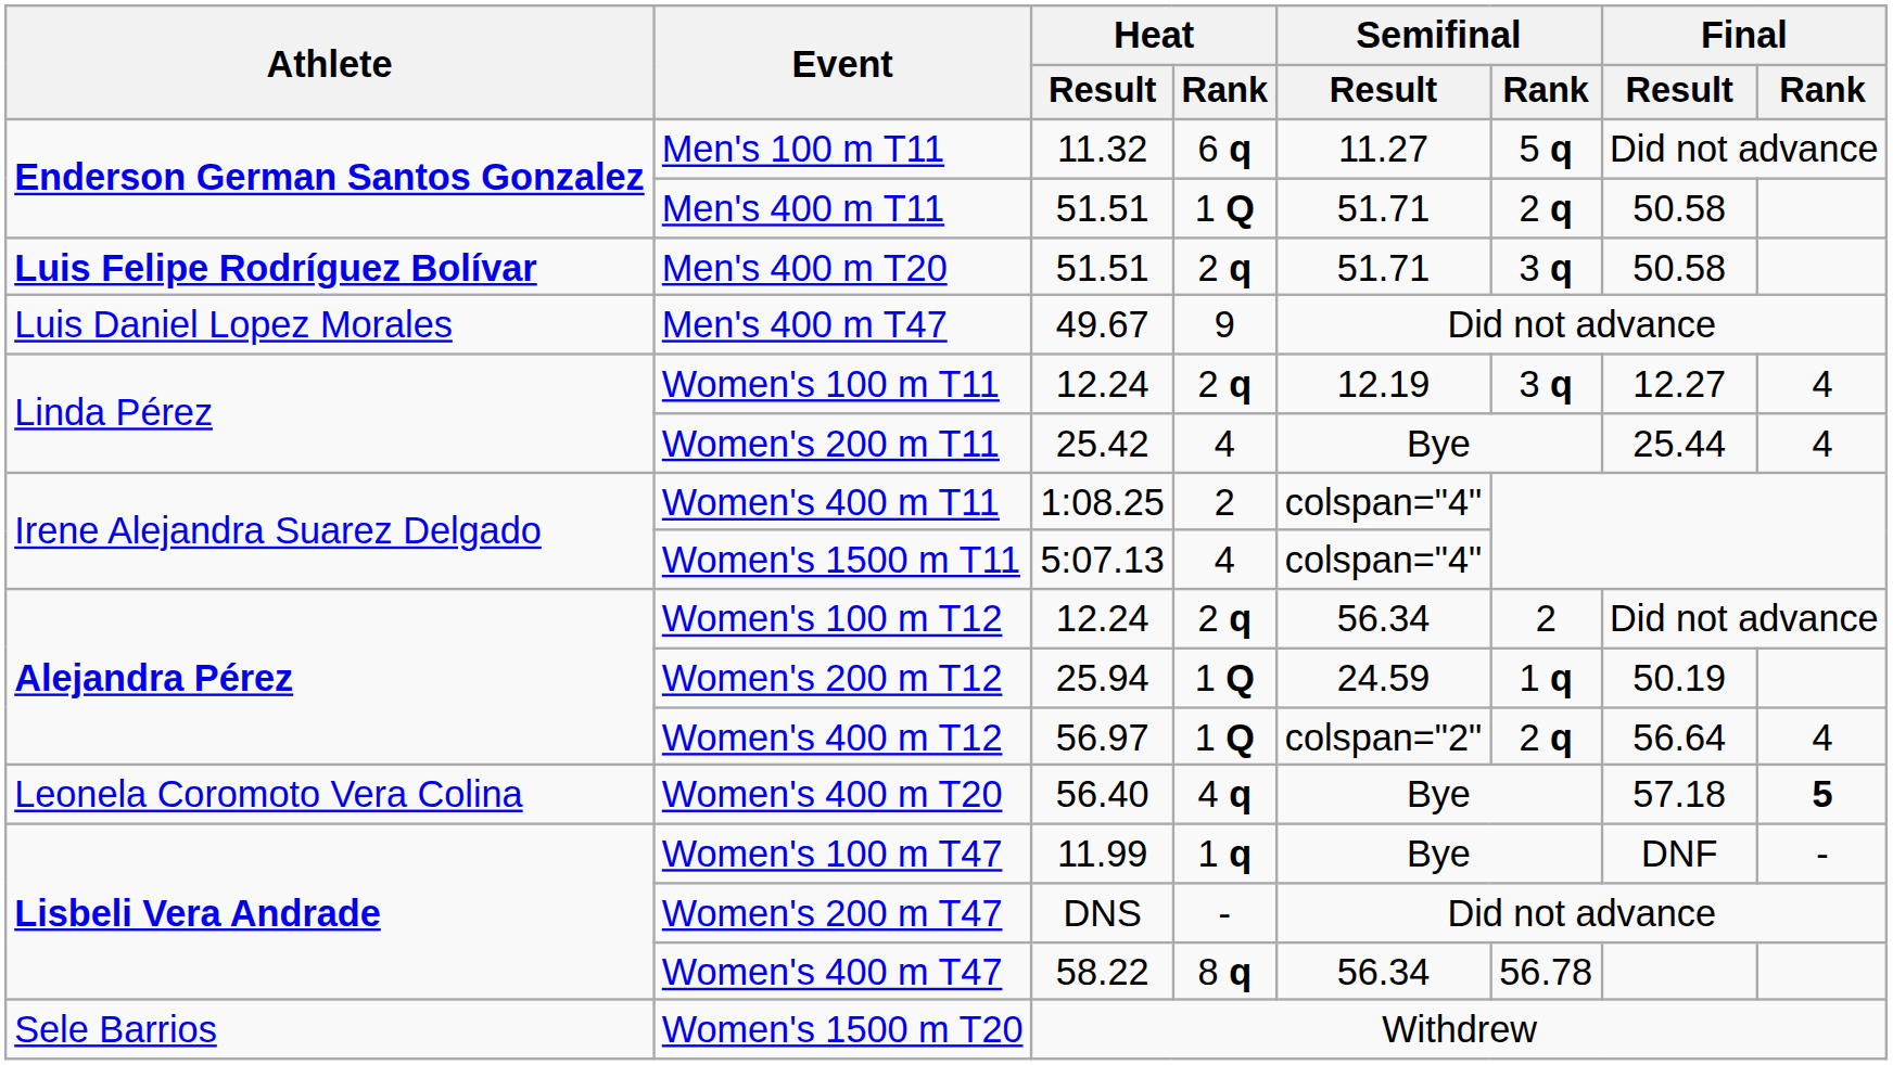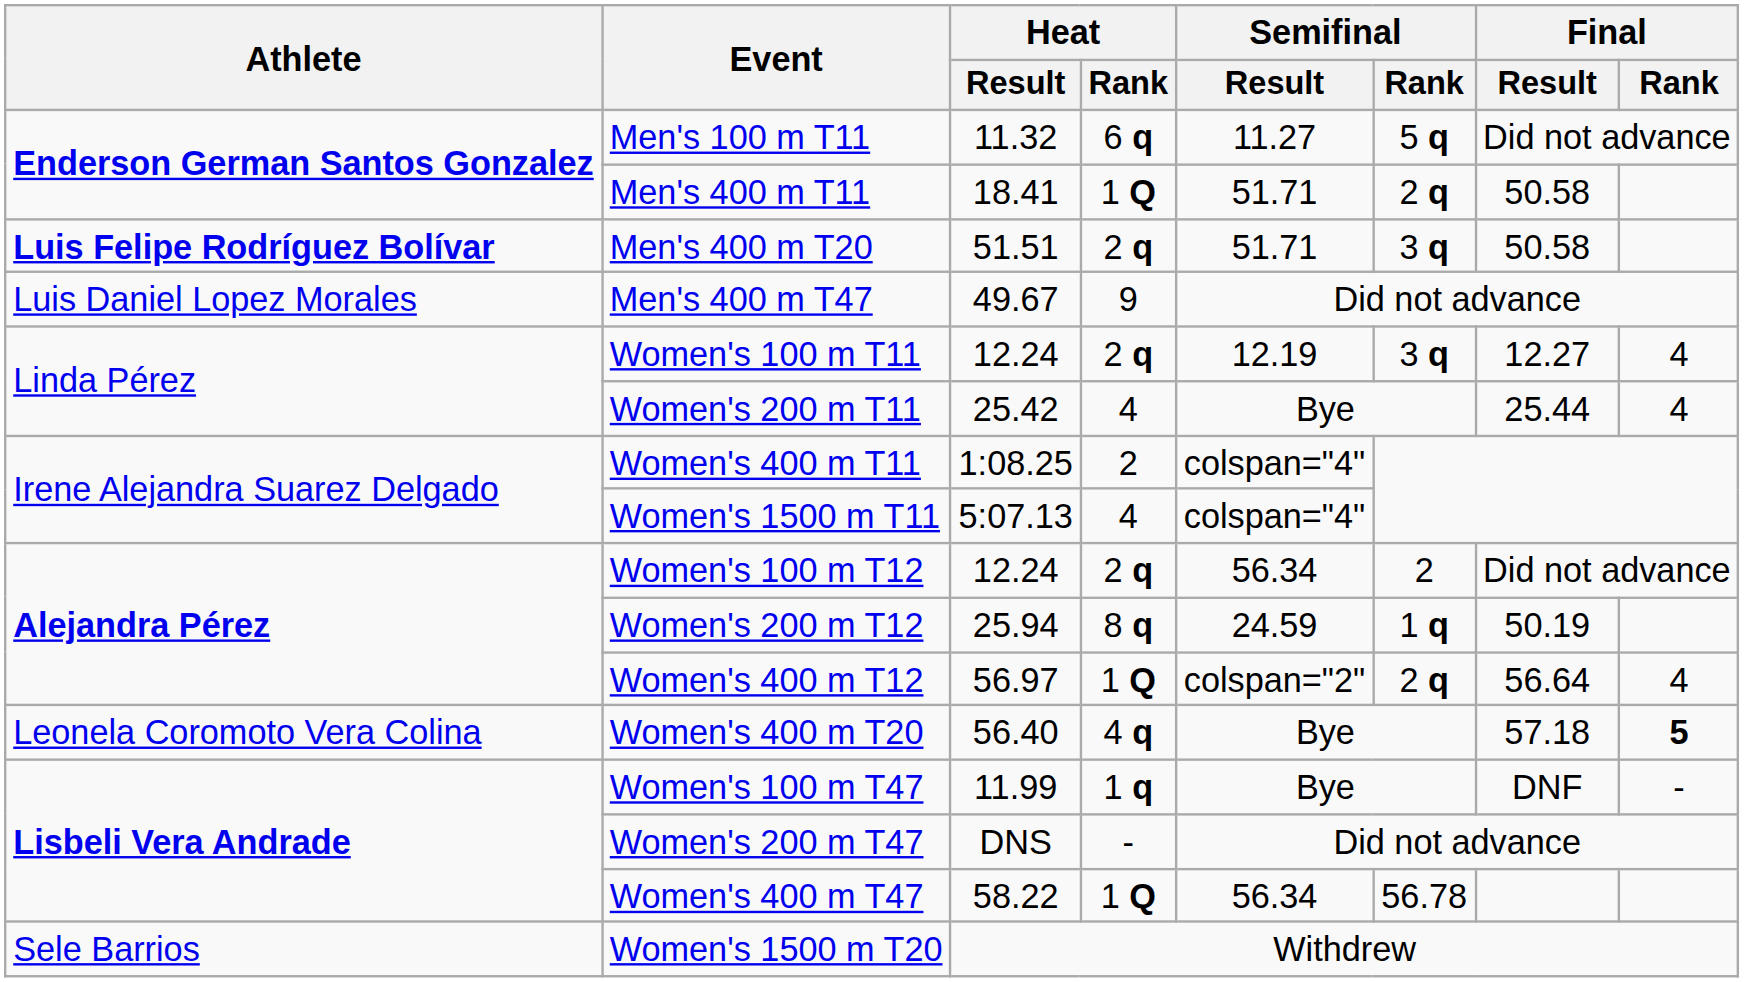 <table class="wikitable" style="font-size:90%">
 <tr>
 <th rowspan="2">Athlete</th>
 <th rowspan="2">Event</th>
 <th colspan="2">Heat</th>
 <th colspan="2">Semifinal</th>
 <th colspan="2">Final</th>
 </tr>
 <tr style="font-size:95%">
 <th>Result</th>
 <th>Rank</th>
 <th>Result</th>
 <th>Rank</th>
 <th>Result</th>
 <th>Rank</th>
 </tr>
 <tr align=center>
 <td align=left rowspan=2><strong><a href='#'>Enderson German Santos Gonzalez</a></strong></td>
 <td align=left><a href='#'>Men's 100 m T11</a></td>
 <td>11.32</td>
 <td>6 <strong>q</strong></td>
 <td>11.27</td>
 <td>5 <strong>q</strong></td>
 <td colspan=2>Did not advance</td>
 </tr>
 <tr align=center>
 <td align=left><a href='#'>Men's 400 m T11</a></td>
-<td>51.51</td>
+<td>18.41</td>
 <td>1 <strong>Q</strong></td>
 <td>51.71</td>
 <td>2 <strong>q</strong></td>
 <td>50.58</td>
 <td></td>
 </tr>
 <tr align=center>
 <td align=left><strong><a href='#'>Luis Felipe Rodríguez Bolívar</a></strong></td>
 <td align=left><a href='#'>Men's 400 m T20</a></td>
 <td>51.51</td>
 <td>2 <strong>q</strong></td>
 <td>51.71</td>
 <td>3 <strong>q</strong></td>
 <td>50.58</td>
 <td></td>
 </tr>
 <tr align=center>
 <td align=left><a href='#'>Luis Daniel Lopez Morales</a></td>
 <td align=left><a href='#'>Men's 400 m T47</a></td>
 <td>49.67</td>
 <td>9</td>
 <td colspan=4>Did not advance</td>
 </tr>
 <tr align=center>
 <td align=left rowspan=2><a href='#'>Linda Pérez</a></td>
 <td align=left><a href='#'>Women's 100 m T11</a></td>
 <td>12.24</td>
 <td>2 <strong>q</strong></td>
 <td>12.19</td>
 <td>3 <strong>q</strong></td>
 <td>12.27</td>
 <td>4</td>
 </tr>
 <tr align=center>
 <td align=left><a href='#'>Women's 200 m T11</a></td>
 <td>25.42</td>
 <td>4</td>
 <td colspan=2>Bye</td>
 <td>25.44</td>
 <td>4</td>
 </tr>
 <tr align=center>
 <td align=left rowspan=2><a href='#'>Irene Alejandra Suarez Delgado</a></td>
 <td align=left><a href='#'>Women's 400 m T11</a></td>
 <td>1:08.25</td>
 <td>2</td>
 <td>colspan="4" </td>
 </tr>
 <tr align=center>
 <td align=left><a href='#'>Women's 1500 m T11</a></td>
 <td>5:07.13</td>
 <td>4</td>
 <td>colspan="4" </td>
 </tr>
 <tr align=center>
 <td align=left rowspan=3><strong><a href='#'>Alejandra Pérez</a></strong></td>
 <td align=left><a href='#'>Women's 100 m T12</a></td>
 <td>12.24</td>
 <td>2 <strong>q</strong></td>
 <td>56.34</td>
 <td>2</td>
 <td colspan=2>Did not advance</td>
 </tr>
 <tr align=center>
 <td align=left><a href='#'>Women's 200 m T12</a></td>
 <td>25.94</td>
-<td>1 <strong>Q</strong></td>
+<td>8 <strong>q</strong></td>
 <td>24.59</td>
 <td>1 <strong>q</strong></td>
 <td>50.19</td>
 <td></td>
 </tr>
 <tr align=center>
 <td align=left><a href='#'>Women's 400 m T12</a></td>
 <td>56.97</td>
 <td>1 <strong>Q</strong></td>
 <td>colspan="2" </td>
 <td>2 <strong>q</strong></td>
 <td>56.64</td>
 <td>4</td>
 </tr>
 <tr align=center>
 <td align=left><a href='#'>Leonela Coromoto Vera Colina</a></td>
 <td align=left><a href='#'>Women's 400 m T20</a></td>
 <td>56.40</td>
 <td>4 <strong>q</strong></td>
 <td colspan=2>Bye</td>
 <td>57.18</td>
 <td><strong>5</strong></td>
 </tr>
 <tr align=center>
 <td align=left rowspan=3><strong><a href='#'>Lisbeli Vera Andrade</a></strong></td>
 <td align=left><a href='#'>Women's 100 m T47</a></td>
 <td>11.99</td>
 <td>1 <strong>q</strong></td>
 <td colspan=2>Bye</td>
 <td>DNF</td>
 <td>-</td>
 </tr>
 <tr align=center>
 <td align=left><a href='#'>Women's 200 m T47</a></td>
 <td>DNS</td>
 <td>-</td>
 <td colspan=4>Did not advance</td>
 </tr>
 <tr align=center>
 <td align=left><a href='#'>Women's 400 m T47</a></td>
 <td>58.22</td>
-<td>8 <strong>q</strong></td>
+<td>1 <strong>Q</strong></td>
 <td>56.34</td>
 <td>56.78</td>
 <td></td>
 </tr>
 <tr align=center>
 <td align=left><a href='#'>Sele Barrios</a></td>
 <td align=left><a href='#'>Women's 1500 m T20</a></td>
 <td colspan=6>Withdrew</td>
 </tr>
 </table>
